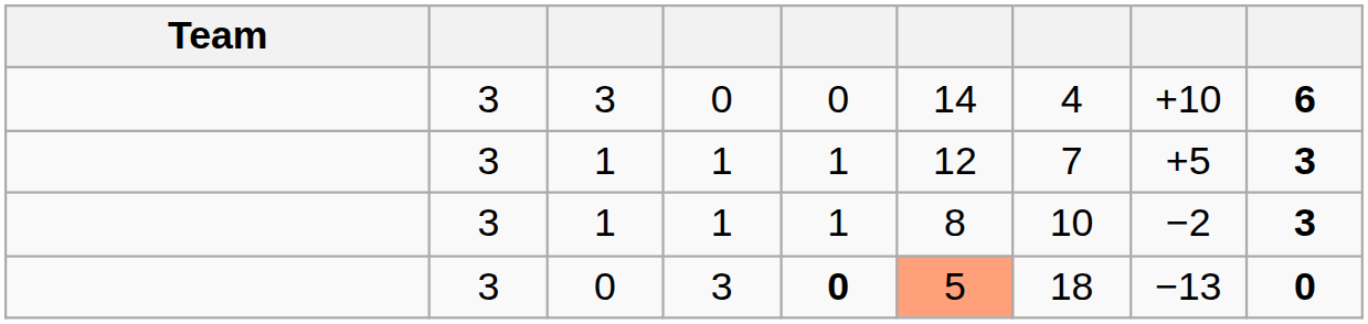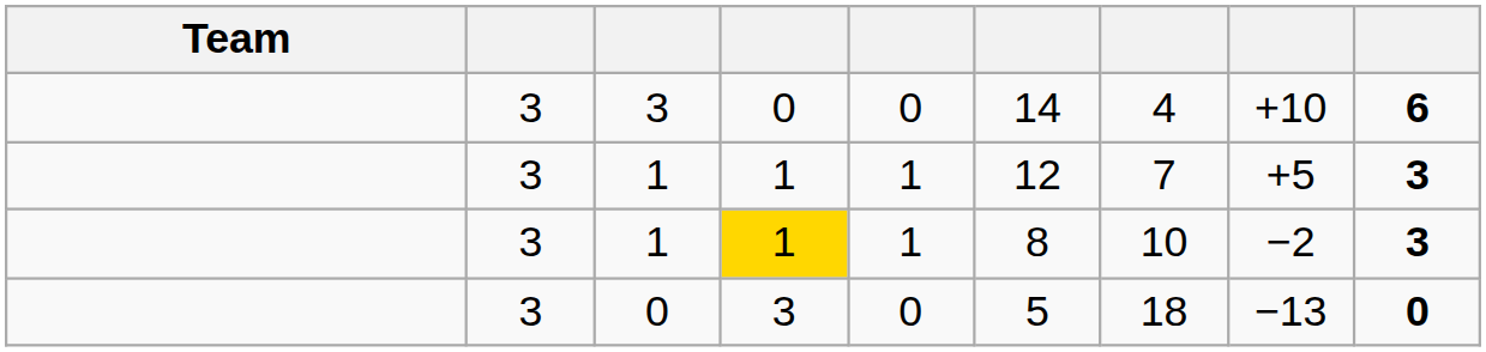 <table class="wikitable" style="text-align:center;">
 <tr>
 <th width=165>Team</th>
 <th width=40></th>
 <th width=40></th>
 <th width=40></th>
 <th width=40></th>
 <th width=40></th>
 <th width=40></th>
 <th width=40></th>
 <th width=40></th>
 </tr>
 <tr>
 <td style="text-align:left;"></td>
 <td>3</td>
 <td>3</td>
 <td>0</td>
 <td>0</td>
 <td>14</td>
 <td>4</td>
 <td>+10</td>
 <td><strong>6</strong></td>
 </tr>
 <tr>
 <td style="text-align:left;"></td>
 <td>3</td>
 <td>1</td>
 <td>1</td>
 <td>1</td>
 <td>12</td>
 <td>7</td>
 <td>+5</td>
 <td><strong>3</strong></td>
 </tr>
 <tr>
 <td style="text-align:left;"></td>
 <td>3</td>
 <td>1</td>
-<td>1</td>
+<td style="background: gold;">1</td>
 <td>1</td>
 <td>8</td>
 <td>10</td>
 <td>−2</td>
 <td><strong>3</strong></td>
 </tr>
 <tr>
 <td style="text-align:left;"></td>
 <td>3</td>
 <td>0</td>
 <td>3</td>
-<td><strong>0</strong></td>
-<td style="background: lightsalmon;">5</td>
+<td>0</td>
+<td>5</td>
 <td>18</td>
 <td>−13</td>
 <td><strong>0</strong></td>
 </tr>
 </table>
